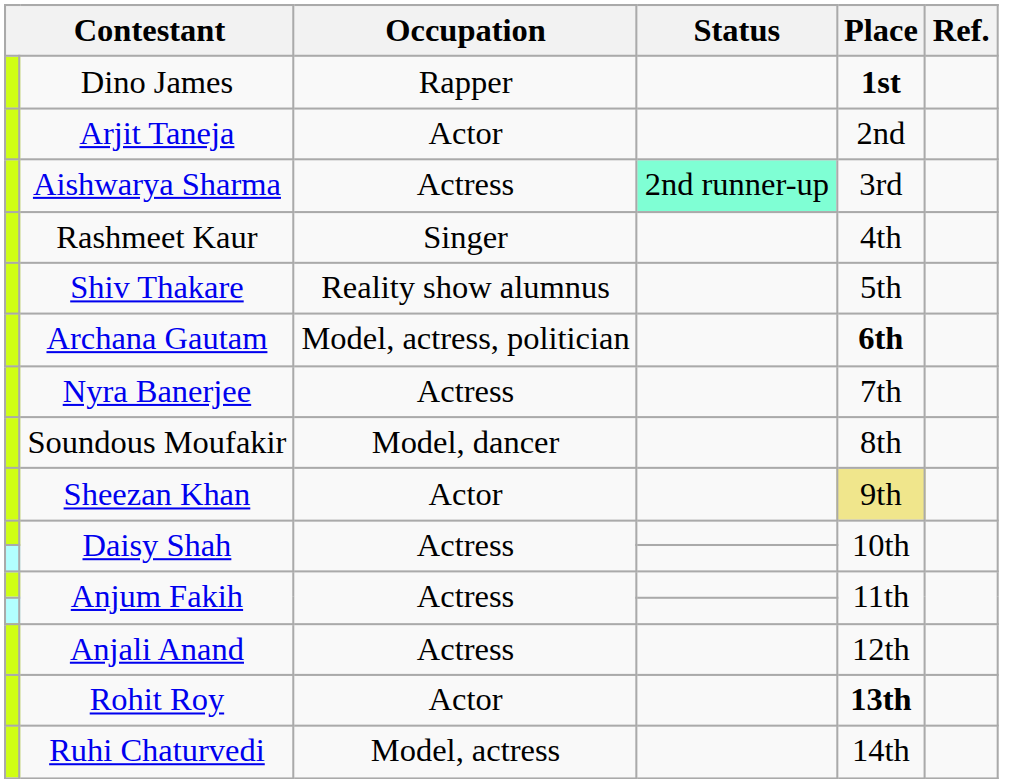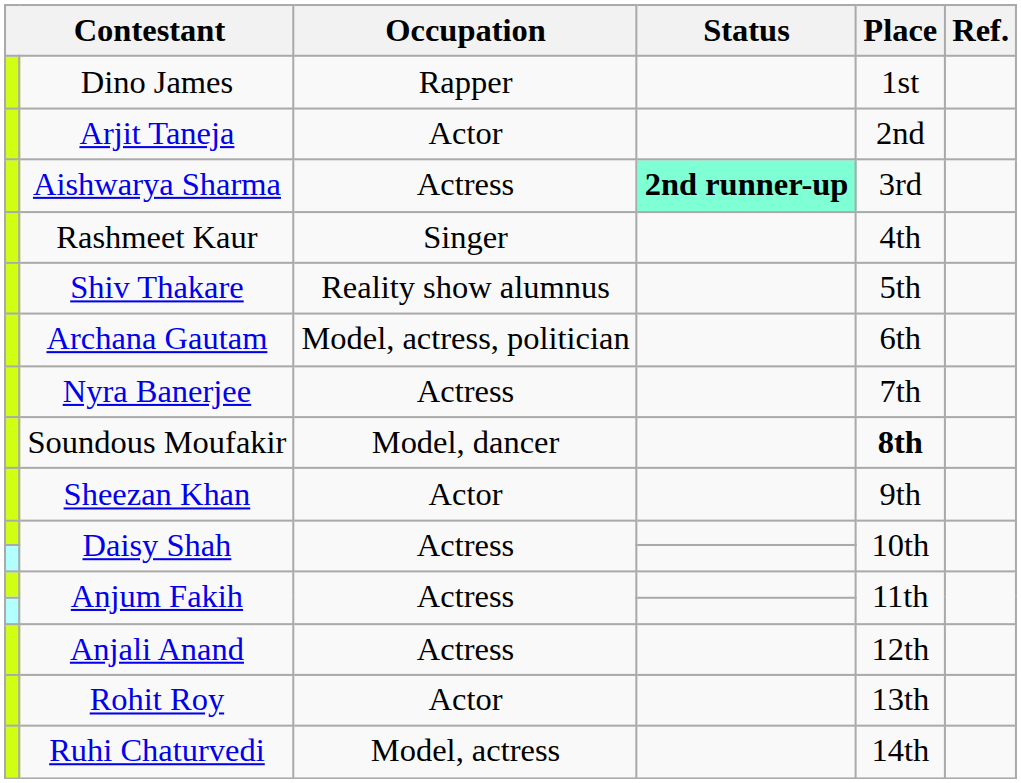 <table class="wikitable sortable" style="text-align:center;">
 <tr>
 <th colspan="2">Contestant</th>
 <th>Occupation</th>
 <th>Status</th>
 <th>Place</th>
 <th>Ref.</th>
 </tr>
 <tr>
 <th style="background:#D0FF14;"></th>
 <td>Dino James</td>
 <td>Rapper</td>
 <td></td>
-<td><strong>1st</strong></td>
+<td>1st</td>
 <td></td>
 </tr>
 <tr>
 <th style="background:#D0FF14;"></th>
 <td><a href='#'>Arjit Taneja</a></td>
 <td>Actor</td>
 <td></td>
 <td>2nd</td>
 <td></td>
 </tr>
 <tr>
 <th style="background:#D0FF14;"></th>
 <td><a href='#'>Aishwarya Sharma</a></td>
 <td>Actress</td>
-<td style="background:#7FFFD4;">2nd runner-up</td>
+<td style="background:#7FFFD4;"><strong>2nd runner-up</strong></td>
 <td>3rd</td>
 <td></td>
 </tr>
 <tr>
 <th style="background:#D0FF14;"></th>
 <td>Rashmeet Kaur</td>
 <td>Singer</td>
 <td></td>
 <td>4th</td>
 <td></td>
 </tr>
 <tr>
 <th style="background:#D0FF14;"></th>
 <td><a href='#'>Shiv Thakare</a></td>
 <td>Reality show alumnus</td>
 <td></td>
 <td>5th</td>
 <td></td>
 </tr>
 <tr>
 <th style="background:#D0FF14;"></th>
 <td><a href='#'>Archana Gautam</a></td>
 <td>Model, actress, politician</td>
 <td></td>
-<td><strong>6th</strong></td>
+<td>6th</td>
 <td></td>
 </tr>
 <tr>
 <th style="background:#D0FF14;"></th>
 <td><a href='#'>Nyra Banerjee</a></td>
 <td>Actress</td>
 <td></td>
 <td>7th</td>
 <td></td>
 </tr>
 <tr>
 <th style="background:#D0FF14;"></th>
 <td>Soundous Moufakir</td>
 <td>Model, dancer</td>
 <td></td>
-<td>8th</td>
+<td><strong>8th</strong></td>
 <td></td>
 </tr>
 <tr>
 <th style="background:#D0FF14;"></th>
 <td><a href='#'>Sheezan Khan</a></td>
 <td>Actor</td>
 <td></td>
-<td style="background: khaki;">9th</td>
+<td>9th</td>
 <td></td>
 </tr>
 <tr>
 <th style="background:#D0FF14;"></th>
 <td rowspan="2"><a href='#'>Daisy Shah</a></td>
 <td rowspan="2">Actress</td>
 <td></td>
 <td rowspan="2">10th</td>
 <td rowspan="2"></td>
 </tr>
 <tr>
 <th style="background:#B2FFFF;"></th>
 <td></td>
 </tr>
 <tr>
 <th style="background:#D0FF14;"></th>
 <td rowspan="2"><a href='#'>Anjum Fakih</a></td>
 <td rowspan="2">Actress</td>
 <td></td>
 <td rowspan="2">11th</td>
 <td rowspan="2"></td>
 </tr>
 <tr>
 <th style="background:#B2FFFF;"></th>
 <td></td>
 </tr>
 <tr>
 <th style="background:#D0FF14;"></th>
 <td><a href='#'>Anjali Anand</a></td>
 <td>Actress</td>
 <td></td>
 <td>12th</td>
 <td></td>
 </tr>
 <tr>
 <th style="background:#D0FF14;"></th>
 <td><a href='#'>Rohit Roy</a></td>
 <td>Actor</td>
 <td></td>
-<td><strong>13th</strong></td>
+<td>13th</td>
 <td></td>
 </tr>
 <tr>
 <th style="background:#D0FF14;"></th>
 <td><a href='#'>Ruhi Chaturvedi</a></td>
 <td>Model, actress</td>
 <td></td>
 <td>14th</td>
 <td></td>
 </tr>
 </table>
